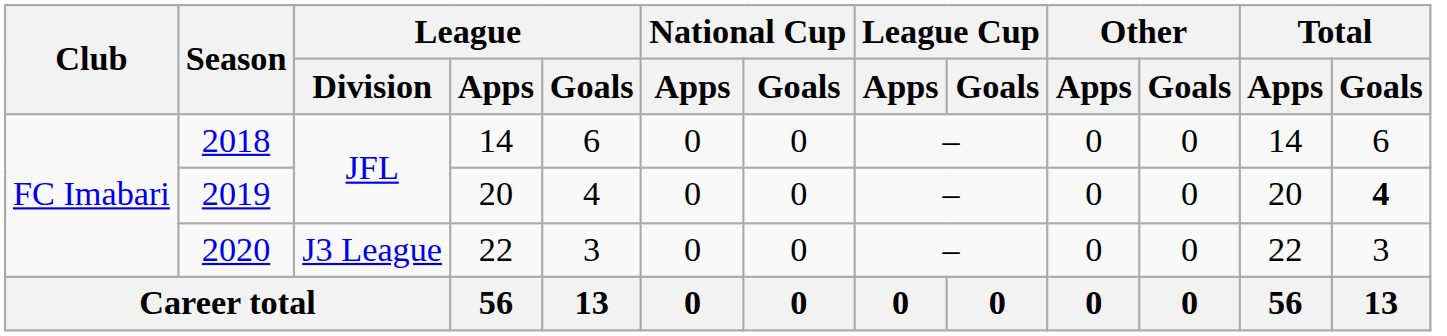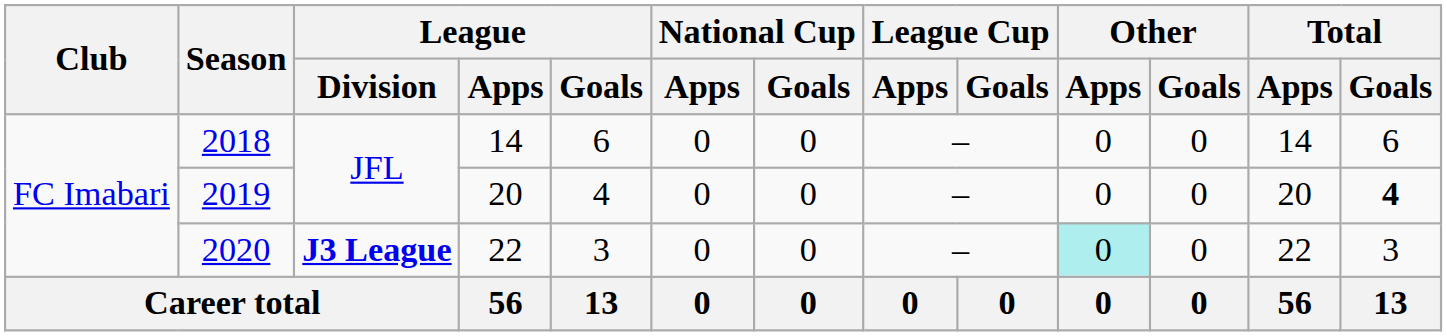 <table class="wikitable" style="text-align: center">
 <tr>
 <th rowspan="2">Club</th>
 <th rowspan="2">Season</th>
 <th colspan="3">League</th>
 <th colspan="2">National Cup</th>
 <th colspan="2">League Cup</th>
 <th colspan="2">Other</th>
 <th colspan="2">Total</th>
 </tr>
 <tr>
 <th>Division</th>
 <th>Apps</th>
 <th>Goals</th>
 <th>Apps</th>
 <th>Goals</th>
 <th>Apps</th>
 <th>Goals</th>
 <th>Apps</th>
 <th>Goals</th>
 <th>Apps</th>
 <th>Goals</th>
 </tr>
 <tr>
 <td rowspan="3"><a href='#'>FC Imabari</a></td>
 <td><a href='#'>2018</a></td>
 <td rowspan="2"><a href='#'>JFL</a></td>
 <td>14</td>
 <td>6</td>
 <td>0</td>
 <td>0</td>
 <td colspan="2">–</td>
 <td>0</td>
 <td>0</td>
 <td>14</td>
 <td>6</td>
 </tr>
 <tr>
 <td><a href='#'>2019</a></td>
 <td>20</td>
 <td>4</td>
 <td>0</td>
 <td>0</td>
 <td colspan="2">–</td>
 <td>0</td>
 <td>0</td>
 <td>20</td>
 <td><strong>4</strong></td>
 </tr>
 <tr>
 <td><a href='#'>2020</a></td>
-<td><a href='#'>J3 League</a></td>
+<td><strong><a href='#'>J3 League</a></strong></td>
 <td>22</td>
 <td>3</td>
 <td>0</td>
 <td>0</td>
 <td colspan="2">–</td>
-<td>0</td>
+<td style="background: paleturquoise;">0</td>
 <td>0</td>
 <td>22</td>
 <td>3</td>
 </tr>
 <tr>
 <th colspan=3>Career total</th>
 <th>56</th>
 <th>13</th>
 <th>0</th>
 <th>0</th>
 <th>0</th>
 <th>0</th>
 <th>0</th>
 <th>0</th>
 <th>56</th>
 <th>13</th>
 </tr>
 </table>
